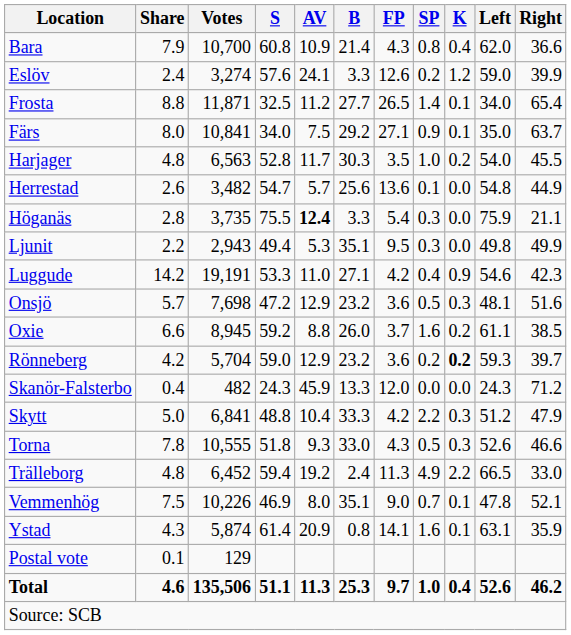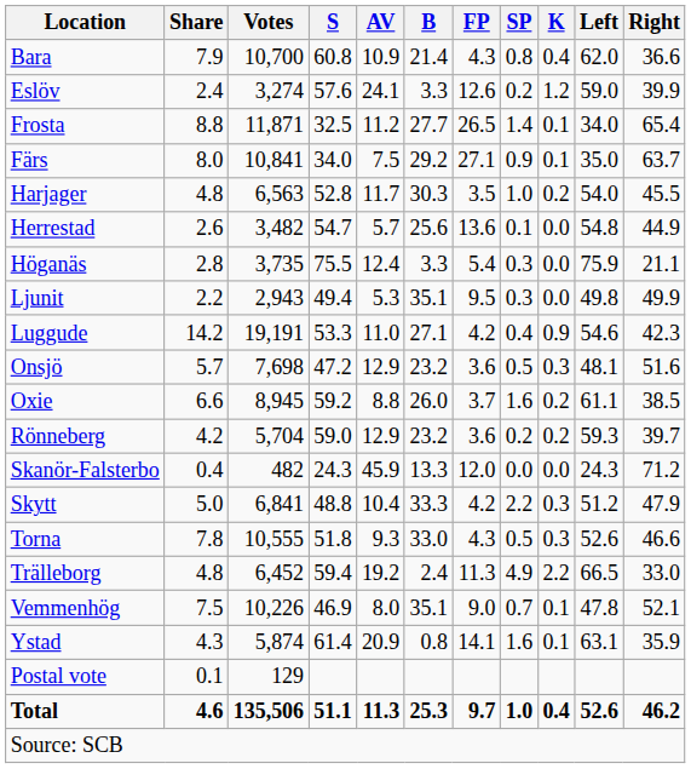 <table class="wikitable sortable" style=text-align:right>
 <tr>
 <th>Location</th>
 <th>Share</th>
 <th>Votes</th>
 <th><a href='#'>S</a></th>
 <th><a href='#'>AV</a></th>
 <th><a href='#'>B</a></th>
 <th><a href='#'>FP</a></th>
 <th><a href='#'>SP</a></th>
 <th><a href='#'>K</a></th>
 <th>Left</th>
 <th>Right</th>
 </tr>
 <tr>
 <td align=left><a href='#'>Bara</a></td>
 <td>7.9</td>
 <td>10,700</td>
 <td>60.8</td>
 <td>10.9</td>
 <td>21.4</td>
 <td>4.3</td>
 <td>0.8</td>
 <td>0.4</td>
 <td>62.0</td>
 <td>36.6</td>
 </tr>
 <tr>
 <td align=left><a href='#'>Eslöv</a></td>
 <td>2.4</td>
 <td>3,274</td>
 <td>57.6</td>
 <td>24.1</td>
 <td>3.3</td>
 <td>12.6</td>
 <td>0.2</td>
 <td>1.2</td>
 <td>59.0</td>
 <td>39.9</td>
 </tr>
 <tr>
 <td align=left><a href='#'>Frosta</a></td>
 <td>8.8</td>
 <td>11,871</td>
 <td>32.5</td>
 <td>11.2</td>
 <td>27.7</td>
 <td>26.5</td>
 <td>1.4</td>
 <td>0.1</td>
 <td>34.0</td>
 <td>65.4</td>
 </tr>
 <tr>
 <td align=left><a href='#'>Färs</a></td>
 <td>8.0</td>
 <td>10,841</td>
 <td>34.0</td>
 <td>7.5</td>
 <td>29.2</td>
 <td>27.1</td>
 <td>0.9</td>
 <td>0.1</td>
 <td>35.0</td>
 <td>63.7</td>
 </tr>
 <tr>
 <td align=left><a href='#'>Harjager</a></td>
 <td>4.8</td>
 <td>6,563</td>
 <td>52.8</td>
 <td>11.7</td>
 <td>30.3</td>
 <td>3.5</td>
 <td>1.0</td>
 <td>0.2</td>
 <td>54.0</td>
 <td>45.5</td>
 </tr>
 <tr>
 <td align=left><a href='#'>Herrestad</a></td>
 <td>2.6</td>
 <td>3,482</td>
 <td>54.7</td>
 <td>5.7</td>
 <td>25.6</td>
 <td>13.6</td>
 <td>0.1</td>
 <td>0.0</td>
 <td>54.8</td>
 <td>44.9</td>
 </tr>
 <tr>
 <td align=left><a href='#'>Höganäs</a></td>
 <td>2.8</td>
 <td>3,735</td>
 <td>75.5</td>
-<td><strong>12.4</strong></td>
+<td>12.4</td>
 <td>3.3</td>
 <td>5.4</td>
 <td>0.3</td>
 <td>0.0</td>
 <td>75.9</td>
 <td>21.1</td>
 </tr>
 <tr>
 <td align=left><a href='#'>Ljunit</a></td>
 <td>2.2</td>
 <td>2,943</td>
 <td>49.4</td>
 <td>5.3</td>
 <td>35.1</td>
 <td>9.5</td>
 <td>0.3</td>
 <td>0.0</td>
 <td>49.8</td>
 <td>49.9</td>
 </tr>
 <tr>
 <td align=left><a href='#'>Luggude</a></td>
 <td>14.2</td>
 <td>19,191</td>
 <td>53.3</td>
 <td>11.0</td>
 <td>27.1</td>
 <td>4.2</td>
 <td>0.4</td>
 <td>0.9</td>
 <td>54.6</td>
 <td>42.3</td>
 </tr>
 <tr>
 <td align=left><a href='#'>Onsjö</a></td>
 <td>5.7</td>
 <td>7,698</td>
 <td>47.2</td>
 <td>12.9</td>
 <td>23.2</td>
 <td>3.6</td>
 <td>0.5</td>
 <td>0.3</td>
 <td>48.1</td>
 <td>51.6</td>
 </tr>
 <tr>
 <td align=left><a href='#'>Oxie</a></td>
 <td>6.6</td>
 <td>8,945</td>
 <td>59.2</td>
 <td>8.8</td>
 <td>26.0</td>
 <td>3.7</td>
 <td>1.6</td>
 <td>0.2</td>
 <td>61.1</td>
 <td>38.5</td>
 </tr>
 <tr>
 <td align=left><a href='#'>Rönneberg</a></td>
 <td>4.2</td>
 <td>5,704</td>
 <td>59.0</td>
 <td>12.9</td>
 <td>23.2</td>
 <td>3.6</td>
 <td>0.2</td>
-<td><strong>0.2</strong></td>
+<td>0.2</td>
 <td>59.3</td>
 <td>39.7</td>
 </tr>
 <tr>
 <td align=left><a href='#'>Skanör-Falsterbo</a></td>
 <td>0.4</td>
 <td>482</td>
 <td>24.3</td>
 <td>45.9</td>
 <td>13.3</td>
 <td>12.0</td>
 <td>0.0</td>
 <td>0.0</td>
 <td>24.3</td>
 <td>71.2</td>
 </tr>
 <tr>
 <td align=left><a href='#'>Skytt</a></td>
 <td>5.0</td>
 <td>6,841</td>
 <td>48.8</td>
 <td>10.4</td>
 <td>33.3</td>
 <td>4.2</td>
 <td>2.2</td>
 <td>0.3</td>
 <td>51.2</td>
 <td>47.9</td>
 </tr>
 <tr>
 <td align=left><a href='#'>Torna</a></td>
 <td>7.8</td>
 <td>10,555</td>
 <td>51.8</td>
 <td>9.3</td>
 <td>33.0</td>
 <td>4.3</td>
 <td>0.5</td>
 <td>0.3</td>
 <td>52.6</td>
 <td>46.6</td>
 </tr>
 <tr>
 <td align=left><a href='#'>Trälleborg</a></td>
 <td>4.8</td>
 <td>6,452</td>
 <td>59.4</td>
 <td>19.2</td>
 <td>2.4</td>
 <td>11.3</td>
 <td>4.9</td>
 <td>2.2</td>
 <td>66.5</td>
 <td>33.0</td>
 </tr>
 <tr>
 <td align=left><a href='#'>Vemmenhög</a></td>
 <td>7.5</td>
 <td>10,226</td>
 <td>46.9</td>
 <td>8.0</td>
 <td>35.1</td>
 <td>9.0</td>
 <td>0.7</td>
 <td>0.1</td>
 <td>47.8</td>
 <td>52.1</td>
 </tr>
 <tr>
 <td align=left><a href='#'>Ystad</a></td>
 <td>4.3</td>
 <td>5,874</td>
 <td>61.4</td>
 <td>20.9</td>
 <td>0.8</td>
 <td>14.1</td>
 <td>1.6</td>
 <td>0.1</td>
 <td>63.1</td>
 <td>35.9</td>
 </tr>
 <tr>
 <td align=left><a href='#'>Postal vote</a></td>
 <td>0.1</td>
 <td>129</td>
 <td></td>
 <td></td>
 <td></td>
 <td></td>
 <td></td>
 <td></td>
 <td></td>
 <td></td>
 </tr>
 <tr>
 <td align=left><strong>Total</strong></td>
 <td><strong>4.6</strong></td>
 <td><strong>135,506</strong></td>
 <td><strong>51.1</strong></td>
 <td><strong>11.3</strong></td>
 <td><strong>25.3</strong></td>
 <td><strong>9.7</strong></td>
 <td><strong>1.0</strong></td>
 <td><strong>0.4</strong></td>
 <td><strong>52.6</strong></td>
 <td><strong>46.2</strong></td>
 </tr>
 <tr>
 <td align=left colspan=11>Source: SCB </td>
 </tr>
 </table>
